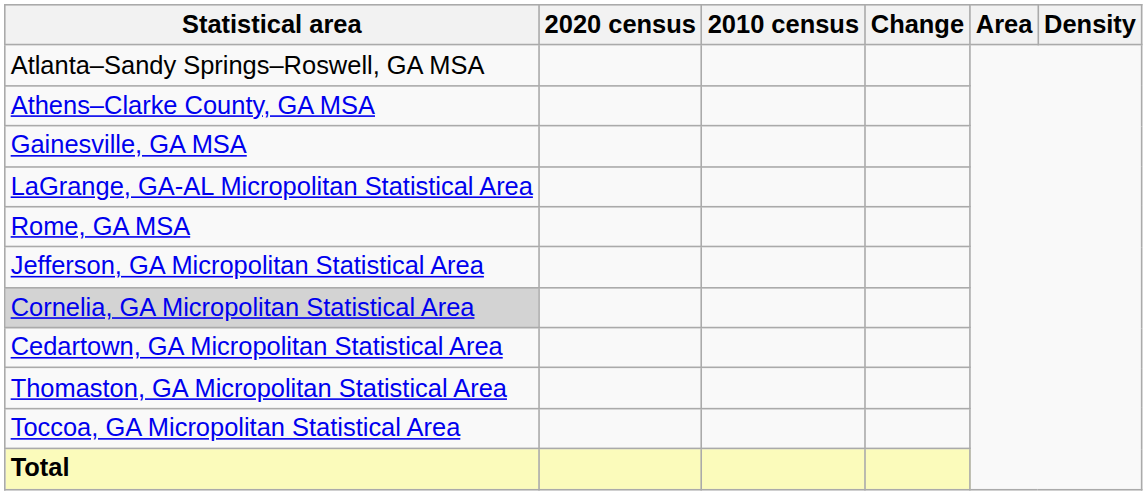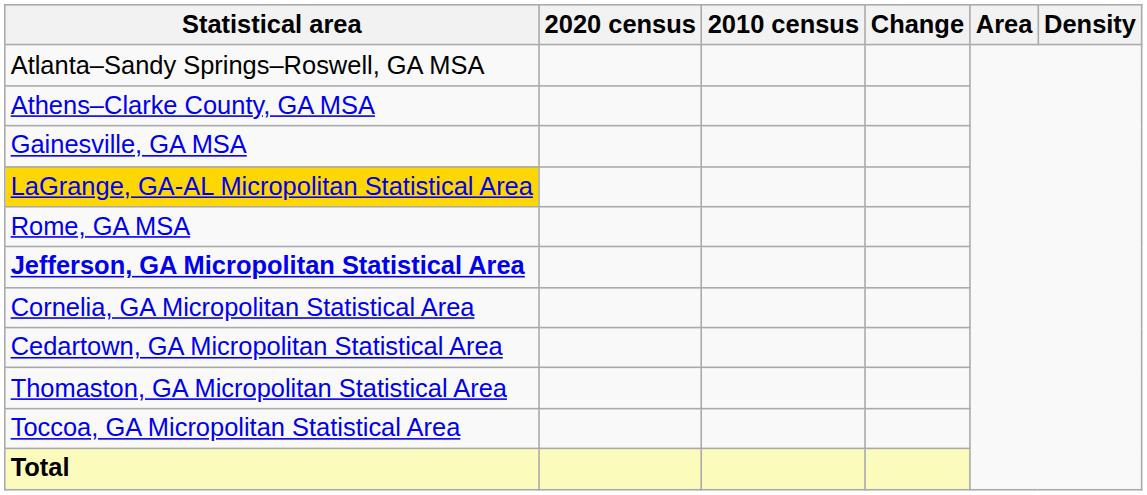 <table class="wikitable sortable">
 <tr>
 <th>Statistical area</th>
 <th>2020 census</th>
 <th>2010 census</th>
 <th>Change</th>
 <th>Area</th>
 <th>Density</th>
 </tr>
 <tr>
 <td>Atlanta–Sandy Springs–Roswell, GA MSA</td>
 <td></td>
 <td></td>
 <td></td>
 </tr>
 <tr>
 <td><a href='#'>Athens–Clarke County, GA MSA</a></td>
 <td></td>
 <td></td>
 <td></td>
 </tr>
 <tr>
 <td><a href='#'>Gainesville, GA MSA</a></td>
 <td></td>
 <td></td>
 <td></td>
 </tr>
 <tr>
-<td><a href='#'>LaGrange, GA-AL Micropolitan Statistical Area</a></td>
+<td style="background: gold;"><a href='#'>LaGrange, GA-AL Micropolitan Statistical Area</a></td>
 <td></td>
 <td></td>
 <td></td>
 </tr>
 <tr>
 <td><a href='#'>Rome, GA MSA</a></td>
 <td></td>
 <td></td>
 <td></td>
 </tr>
 <tr>
-<td><a href='#'>Jefferson, GA Micropolitan Statistical Area</a></td>
+<td><strong><a href='#'>Jefferson, GA Micropolitan Statistical Area</a></strong></td>
 <td></td>
 <td></td>
 <td></td>
 </tr>
 <tr>
-<td style="background: lightgrey;"><a href='#'>Cornelia, GA Micropolitan Statistical Area</a></td>
+<td><a href='#'>Cornelia, GA Micropolitan Statistical Area</a></td>
 <td></td>
 <td></td>
 <td></td>
 </tr>
 <tr>
 <td><a href='#'>Cedartown, GA Micropolitan Statistical Area</a></td>
 <td></td>
 <td></td>
 <td></td>
 </tr>
 <tr>
 <td><a href='#'>Thomaston, GA Micropolitan Statistical Area</a></td>
 <td></td>
 <td></td>
 <td></td>
 </tr>
 <tr>
 <td><a href='#'>Toccoa, GA Micropolitan Statistical Area</a></td>
 <td></td>
 <td></td>
 <td></td>
 </tr>
 <tr class=sortbottom style="background:#fbfbbb">
 <td><strong>Total</strong></td>
 <td></td>
 <td></td>
 <td></td>
 </tr>
 </table>
